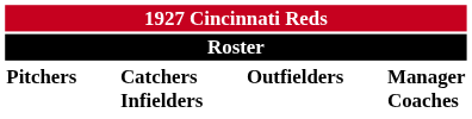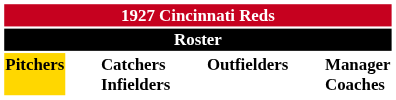 <table class="toccolours" style="font-size: 95%;">
 <tr>
 <th colspan="10" style="background-color: #c6011f; color: white; text-align: center;">1927 Cincinnati Reds</th>
 </tr>
 <tr>
 <td colspan="10" style="background-color: black; color: white; text-align: center;"><strong>Roster</strong></td>
 </tr>
 <tr>
-<td valign="top"><strong>Pitchers</strong><br>         </td>
+<td valign="top" style="background: gold;"><strong>Pitchers</strong><br>         </td>
 <td width="25px"></td>
 <td valign="top"><strong>Catchers</strong><br>   <strong>Infielders</strong>          </td>
 <td width="25px"></td>
 <td valign="top"><strong>Outfielders</strong><br>     </td>
 <td width="25px"></td>
 <td valign="top"><strong>Manager</strong><br> <strong>Coaches</strong> </td>
 </tr>
 </table>
